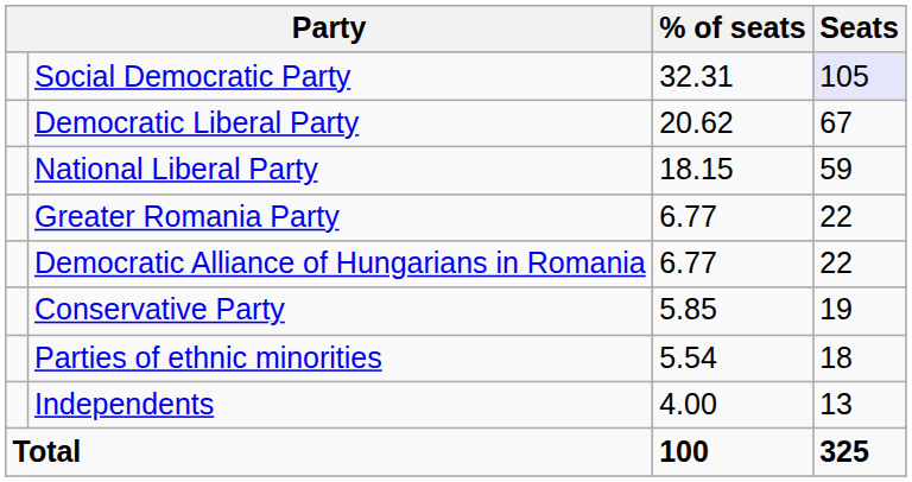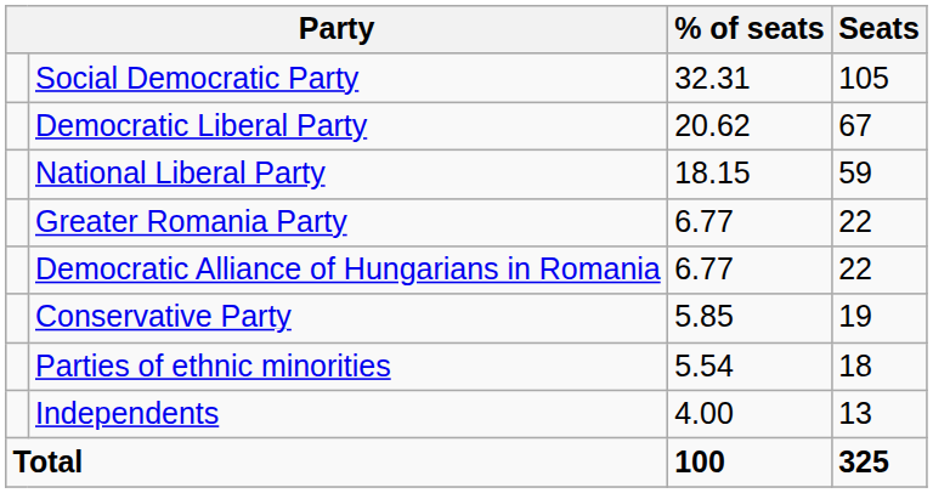 <table class="wikitable">
 <tr>
 <th colspan=2>Party</th>
 <th>% of seats</th>
 <th>Seats</th>
 </tr>
 <tr>
 <td> </td>
 <td><a href='#'>Social Democratic Party</a></td>
 <td>32.31</td>
-<td style="background: lavender;">105</td>
+<td>105</td>
 </tr>
 <tr>
 <td> </td>
 <td><a href='#'>Democratic Liberal Party</a></td>
 <td>20.62</td>
 <td>67</td>
 </tr>
 <tr>
 <td> </td>
 <td><a href='#'>National Liberal Party</a></td>
 <td>18.15</td>
 <td>59</td>
 </tr>
 <tr>
 <td> </td>
 <td><a href='#'>Greater Romania Party</a></td>
 <td>6.77</td>
 <td>22</td>
 </tr>
 <tr>
 <td> </td>
 <td><a href='#'>Democratic Alliance of Hungarians in Romania</a></td>
 <td>6.77</td>
 <td>22</td>
 </tr>
 <tr>
 <td> </td>
 <td><a href='#'>Conservative Party</a></td>
 <td>5.85</td>
 <td>19</td>
 </tr>
 <tr>
 <td> </td>
 <td><a href='#'>Parties of ethnic minorities</a></td>
 <td>5.54</td>
 <td>18</td>
 </tr>
 <tr>
 <td> </td>
 <td><a href='#'>Independents</a></td>
 <td>4.00</td>
 <td>13</td>
 </tr>
 <tr>
 <td colspan=2><strong>Total</strong></td>
 <td><strong>100</strong></td>
 <td><strong>325</strong></td>
 </tr>
 </table>
